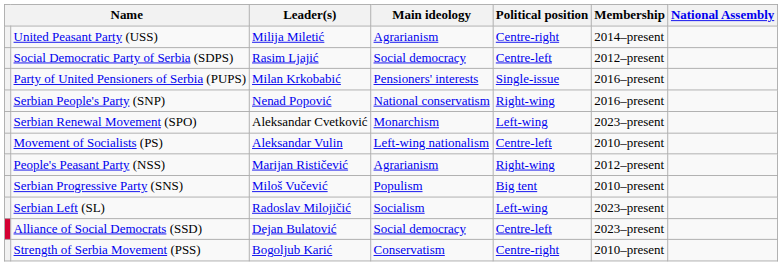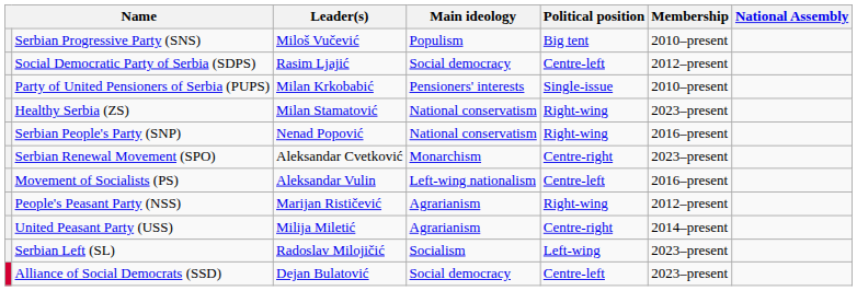 <table class="wikitable" style="font-size:90%">
 <tr>
 <th colspan="2">Name</th>
 <th>Leader(s)</th>
 <th>Main ideology</th>
 <th>Political position</th>
 <th>Membership</th>
 <th><a href='#'>National Assembly</a></th>
 </tr>
 <tr>
-<th style="background-color:"></th>
-<td><a href='#'>United Peasant Party</a> (USS)</td>
-<td><a href='#'>Milija Miletić</a></td>
-<td><a href='#'>Agrarianism</a></td>
-<td><a href='#'>Centre-right</a></td>
-<td>2014–present</td>
+<th style="background:"></th>
+<td><a href='#'>Serbian Progressive Party</a> (SNS)</td>
+<td><a href='#'>Miloš Vučević</a></td>
+<td><a href='#'>Populism</a></td>
+<td><a href='#'>Big tent</a></td>
+<td>2010–present</td>
 <td></td>
 </tr>
 <tr>
 <th style="background-color:"></th>
 <td><a href='#'>Social Democratic Party of Serbia</a> (SDPS)</td>
 <td><a href='#'>Rasim Ljajić</a></td>
 <td><a href='#'>Social democracy</a></td>
 <td><a href='#'>Centre-left</a></td>
 <td>2012–present</td>
 <td></td>
 </tr>
 <tr>
 <th style="background-color:"></th>
 <td><a href='#'>Party of United Pensioners of Serbia</a> (PUPS)</td>
 <td><a href='#'>Milan Krkobabić</a></td>
 <td><a href='#'>Pensioners' interests</a></td>
 <td><a href='#'>Single-issue</a></td>
-<td>2016–present</td>
+<td>2010–present</td>
+<td></td>
+</tr>
+<tr>
+<th style="background-color:"></th>
+<td><a href='#'>Healthy Serbia</a> (ZS)</td>
+<td><a href='#'>Milan Stamatović</a></td>
+<td><a href='#'>National conservatism</a></td>
+<td><a href='#'>Right-wing</a></td>
+<td>2023–present</td>
 <td></td>
 </tr>
 <tr>
 <th style="background-color:"></th>
 <td><a href='#'>Serbian People's Party</a> (SNP)</td>
 <td><a href='#'>Nenad Popović</a></td>
 <td><a href='#'>National conservatism</a></td>
 <td><a href='#'>Right-wing</a></td>
 <td>2016–present</td>
 <td></td>
 </tr>
 <tr>
 <th style="background-color:"></th>
 <td><a href='#'>Serbian Renewal Movement</a> (SPO)</td>
 <td>Aleksandar Cvetković</td>
 <td><a href='#'>Monarchism</a></td>
-<td><a href='#'>Left-wing</a></td>
+<td><a href='#'>Centre-right</a></td>
 <td>2023–present</td>
 <td></td>
 </tr>
 <tr>
 <th style="background-color:"></th>
 <td><a href='#'>Movement of Socialists</a> (PS)</td>
 <td><a href='#'>Aleksandar Vulin</a></td>
 <td><a href='#'>Left-wing nationalism</a></td>
 <td><a href='#'>Centre-left</a></td>
-<td>2010–present</td>
+<td>2016–present</td>
 <td></td>
 </tr>
 <tr>
 <th style="background-color:"></th>
 <td><a href='#'>People's Peasant Party</a> (NSS)</td>
 <td><a href='#'>Marijan Rističević</a></td>
 <td><a href='#'>Agrarianism</a></td>
 <td><a href='#'>Right-wing</a></td>
 <td>2012–present</td>
 <td></td>
 </tr>
 <tr>
-<th style="background:"></th>
-<td><a href='#'>Serbian Progressive Party</a> (SNS)</td>
-<td><a href='#'>Miloš Vučević</a></td>
-<td><a href='#'>Populism</a></td>
-<td><a href='#'>Big tent</a></td>
-<td>2010–present</td>
+<th style="background-color:"></th>
+<td><a href='#'>United Peasant Party</a> (USS)</td>
+<td><a href='#'>Milija Miletić</a></td>
+<td><a href='#'>Agrarianism</a></td>
+<td><a href='#'>Centre-right</a></td>
+<td>2014–present</td>
 <td></td>
 </tr>
 <tr>
 <th style="background-color:"></th>
 <td><a href='#'>Serbian Left</a> (SL)</td>
 <td><a href='#'>Radoslav Milojičić</a></td>
 <td><a href='#'>Socialism</a></td>
 <td><a href='#'>Left-wing</a></td>
 <td>2023–present</td>
 <td></td>
 </tr>
 <tr>
 <th style="background-color:#D40033"></th>
 <td><a href='#'>Alliance of Social Democrats</a> (SSD)</td>
 <td><a href='#'>Dejan Bulatović</a></td>
 <td><a href='#'>Social democracy</a></td>
 <td><a href='#'>Centre-left</a></td>
 <td>2023–present</td>
 <td></td>
 </tr>
-<tr>
-<th style="background-color:"></th>
-<td><a href='#'>Strength of Serbia Movement</a> (PSS)</td>
-<td><a href='#'>Bogoljub Karić</a></td>
-<td><a href='#'>Conservatism</a></td>
-<td><a href='#'>Centre-right</a></td>
-<td>2010–present</td>
-<td></td>
-</tr>
 </table>
